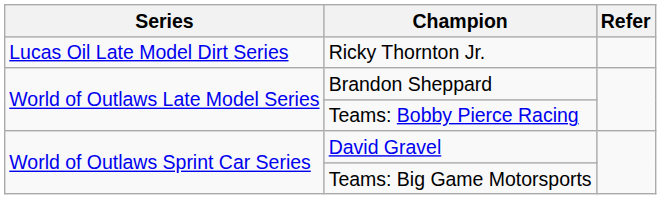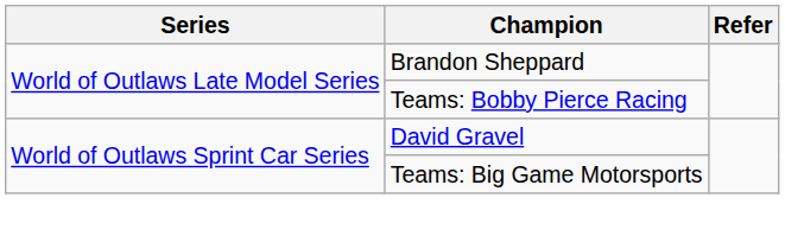 <table class="wikitable" style="font-size:87%;">
 <tr>
 <th>Series</th>
 <th>Champion</th>
 <th>Refer</th>
-</tr>
-<tr>
-<td><a href='#'>Lucas Oil Late Model Dirt Series</a></td>
-<td> Ricky Thornton Jr.</td>
-<td></td>
 </tr>
 <tr>
 <td rowspan=2><a href='#'>World of Outlaws Late Model Series</a></td>
 <td> Brandon Sheppard</td>
 <td rowspan=2></td>
 </tr>
 <tr>
 <td>Teams:  <a href='#'>Bobby Pierce Racing</a></td>
 </tr>
 <tr>
 <td rowspan=2><a href='#'>World of Outlaws Sprint Car Series</a></td>
 <td> <a href='#'>David Gravel</a></td>
 <td rowspan=2></td>
 </tr>
 <tr>
 <td>Teams:  Big Game Motorsports</td>
 </tr>
 </table>
